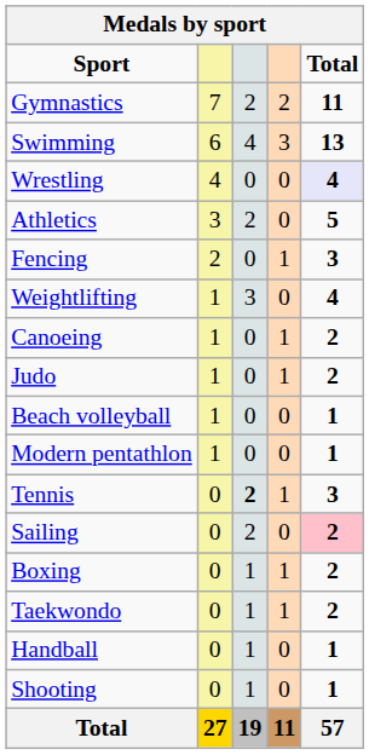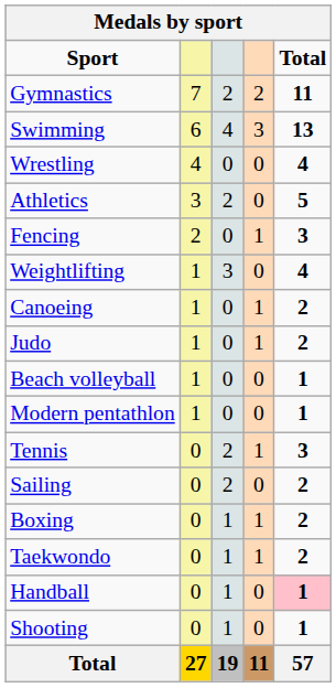 <table class="wikitable" style="font-size:85%;float:right;clear:right;">
 <tr style="background:#efefef;">
 <th colspan=5>Medals by sport</th>
 </tr>
 <tr align=center>
 <td><strong>Sport</strong></td>
 <td bgcolor=#f7f6a8></td>
 <td bgcolor=#dce5e5></td>
 <td bgcolor=#ffdab9></td>
 <td><strong>Total</strong></td>
 </tr>
 <tr align=center>
 <td align=left><a href='#'>Gymnastics</a></td>
 <td style="background:#F7F6A8;">7</td>
 <td style="background:#DCE5E5;">2</td>
 <td style="background:#FFDAB9;">2</td>
 <td><strong>11</strong></td>
 </tr>
 <tr align=center>
 <td align=left><a href='#'>Swimming</a></td>
 <td style="background:#F7F6A8;">6</td>
 <td style="background:#DCE5E5;">4</td>
 <td style="background:#FFDAB9;">3</td>
 <td><strong>13</strong></td>
 </tr>
 <tr align=center>
 <td align=left><a href='#'>Wrestling</a></td>
 <td style="background:#F7F6A8;">4</td>
 <td style="background:#DCE5E5;">0</td>
 <td style="background:#FFDAB9;">0</td>
-<td style="background: lavender;"><strong>4</strong></td>
+<td><strong>4</strong></td>
 </tr>
 <tr align=center>
 <td align=left><a href='#'>Athletics</a></td>
 <td style="background:#F7F6A8;">3</td>
 <td style="background:#DCE5E5;">2</td>
 <td style="background:#FFDAB9;">0</td>
 <td><strong>5</strong></td>
 </tr>
 <tr align=center>
 <td align=left><a href='#'>Fencing</a></td>
 <td style="background:#F7F6A8;">2</td>
 <td style="background:#DCE5E5;">0</td>
 <td style="background:#FFDAB9;">1</td>
 <td><strong>3</strong></td>
 </tr>
 <tr align=center>
 <td align=left><a href='#'>Weightlifting</a></td>
 <td style="background:#F7F6A8;">1</td>
 <td style="background:#DCE5E5;">3</td>
 <td style="background:#FFDAB9;">0</td>
 <td><strong>4</strong></td>
 </tr>
 <tr align=center>
 <td align=left><a href='#'>Canoeing</a></td>
 <td style="background:#F7F6A8;">1</td>
 <td style="background:#DCE5E5;">0</td>
 <td style="background:#FFDAB9;">1</td>
 <td><strong>2</strong></td>
 </tr>
 <tr align=center>
 <td align=left><a href='#'>Judo</a></td>
 <td style="background:#F7F6A8;">1</td>
 <td style="background:#DCE5E5;">0</td>
 <td style="background:#FFDAB9;">1</td>
 <td><strong>2</strong></td>
 </tr>
 <tr align=center>
 <td align=left><a href='#'>Beach volleyball</a></td>
 <td style="background:#F7F6A8;">1</td>
 <td style="background:#DCE5E5;">0</td>
 <td style="background:#FFDAB9;">0</td>
 <td><strong>1</strong></td>
 </tr>
 <tr align=center>
 <td align=left><a href='#'>Modern pentathlon</a></td>
 <td style="background:#F7F6A8;">1</td>
 <td style="background:#DCE5E5;">0</td>
 <td style="background:#FFDAB9;">0</td>
 <td><strong>1</strong></td>
 </tr>
 <tr align=center>
 <td align=left><a href='#'>Tennis</a></td>
 <td style="background:#F7F6A8;">0</td>
-<td style="background:#DCE5E5;"><strong>2</strong></td>
+<td style="background:#DCE5E5;">2</td>
 <td style="background:#FFDAB9;">1</td>
 <td><strong>3</strong></td>
 </tr>
 <tr align=center>
 <td align=left><a href='#'>Sailing</a></td>
 <td style="background:#F7F6A8;">0</td>
 <td style="background:#DCE5E5;">2</td>
 <td style="background:#FFDAB9;">0</td>
-<td style="background: pink;"><strong>2</strong></td>
+<td><strong>2</strong></td>
 </tr>
 <tr align=center>
 <td align=left><a href='#'>Boxing</a></td>
 <td style="background:#F7F6A8;">0</td>
 <td style="background:#DCE5E5;">1</td>
 <td style="background:#FFDAB9;">1</td>
 <td><strong>2</strong></td>
 </tr>
 <tr align=center>
 <td align=left><a href='#'>Taekwondo</a></td>
 <td style="background:#F7F6A8;">0</td>
 <td style="background:#DCE5E5;">1</td>
 <td style="background:#FFDAB9;">1</td>
 <td><strong>2</strong></td>
 </tr>
 <tr align=center>
 <td align=left><a href='#'>Handball</a></td>
 <td style="background:#F7F6A8;">0</td>
 <td style="background:#DCE5E5;">1</td>
 <td style="background:#FFDAB9;">0</td>
-<td><strong>1</strong></td>
+<td style="background: pink;"><strong>1</strong></td>
 </tr>
 <tr align=center>
 <td align=left><a href='#'>Shooting</a></td>
 <td style="background:#F7F6A8;">0</td>
 <td style="background:#DCE5E5;">1</td>
 <td style="background:#FFDAB9;">0</td>
 <td><strong>1</strong></td>
 </tr>
 <tr align=center>
 <th>Total</th>
 <th style="background:gold;">27</th>
 <th style="background:silver;">19</th>
 <th style="background:#c96;">11</th>
 <th>57</th>
 </tr>
 </table>
